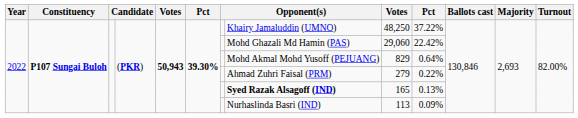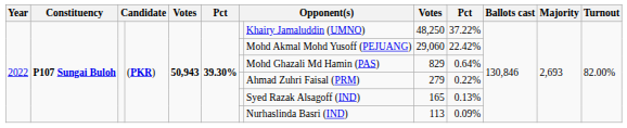 <table class="wikitable" style="margin:0.5em ; font-size:95%">
 <tr>
 <th>Year</th>
 <th>Constituency</th>
 <th colspan=2>Candidate</th>
 <th>Votes</th>
 <th>Pct</th>
 <th colspan=2>Opponent(s)</th>
 <th>Votes</th>
 <th>Pct</th>
 <th>Ballots cast</th>
 <th>Majority</th>
 <th>Turnout</th>
 </tr>
 <tr>
 <td rowspan=6><a href='#'>2022</a></td>
 <td rowspan=6><strong>P107 <a href='#'>Sungai Buloh</a></strong></td>
 <td rowspan=6 ></td>
 <td rowspan=6> (<a href='#'><strong>PKR</strong></a>)</td>
 <td rowspan=6 align="right"><strong>50,943</strong></td>
 <td rowspan=6><strong>39.30%</strong></td>
 <td></td>
 <td><a href='#'>Khairy Jamaluddin</a> (<a href='#'>UMNO</a>)</td>
 <td align="right">48,250</td>
 <td>37.22%</td>
 <td rowspan=6>130,846</td>
 <td rowspan=6>2,693</td>
 <td rowspan=6>82.00%</td>
 </tr>
 <tr>
 <td bgcolor=></td>
-<td>Mohd Ghazali Md Hamin	(<a href='#'>PAS</a>)</td>
+<td>Mohd Akmal Mohd Yusoff (<a href='#'>PEJUANG</a>)</td>
 <td align="right">29,060</td>
 <td align="right">22.42%</td>
 </tr>
 <tr>
 <td bgcolor=></td>
-<td>Mohd Akmal Mohd Yusoff (<a href='#'>PEJUANG</a>)</td>
+<td>Mohd Ghazali Md Hamin	(<a href='#'>PAS</a>)</td>
 <td align="right">829</td>
 <td align="right">0.64%</td>
 </tr>
 <tr>
 <td bgcolor=></td>
 <td>Ahmad Zuhri Faisal (<a href='#'>PRM</a>)</td>
 <td align="right">279</td>
 <td align="right">0.22%</td>
 </tr>
 <tr>
 <td></td>
-<td><strong>Syed Razak Alsagoff (<a href='#'>IND</a>)</strong></td>
+<td>Syed Razak Alsagoff (<a href='#'>IND</a>)</td>
 <td align="right">165</td>
 <td align="right">0.13%</td>
 </tr>
 <tr>
 <td></td>
 <td>Nurhaslinda Basri (<a href='#'>IND</a>)</td>
 <td align="right">113</td>
 <td align="right">0.09%</td>
 </tr>
 </table>
